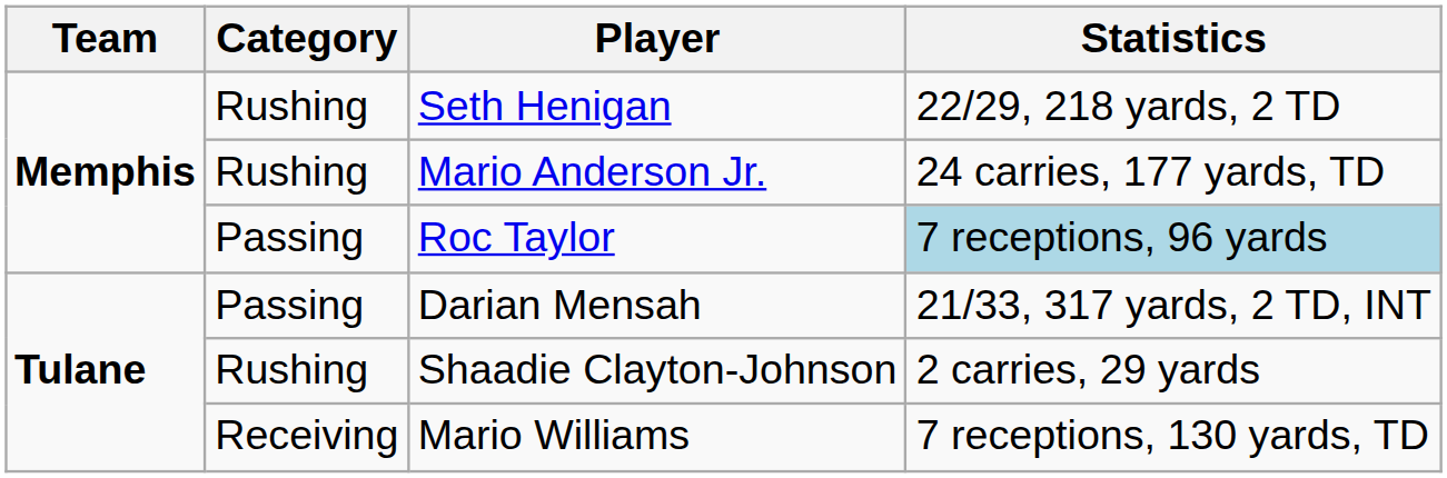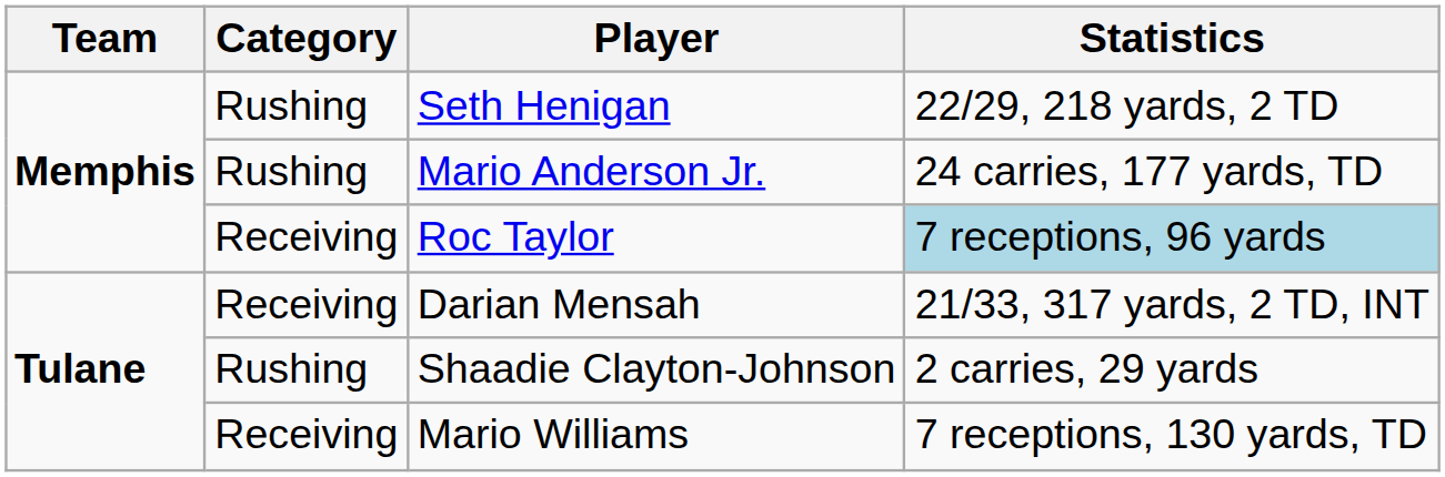 <table class="wikitable" style="float: right;">
 <tr>
 <th>Team</th>
 <th>Category</th>
 <th>Player</th>
 <th>Statistics</th>
 </tr>
 <tr>
 <td rowspan=3><strong>Memphis</strong></td>
 <td>Rushing</td>
 <td><a href='#'>Seth Henigan</a></td>
 <td>22/29, 218 yards, 2 TD</td>
 </tr>
 <tr>
 <td>Rushing</td>
 <td><a href='#'>Mario Anderson Jr.</a></td>
 <td>24 carries, 177 yards, TD</td>
 </tr>
 <tr>
-<td>Passing</td>
+<td>Receiving</td>
 <td><a href='#'>Roc Taylor</a></td>
 <td style="background: lightblue;">7 receptions, 96 yards</td>
 </tr>
 <tr>
 <td rowspan=3><strong>Tulane</strong></td>
-<td>Passing</td>
+<td>Receiving</td>
 <td>Darian Mensah</td>
 <td>21/33, 317 yards, 2 TD, INT</td>
 </tr>
 <tr>
 <td>Rushing</td>
 <td>Shaadie Clayton-Johnson</td>
 <td>2 carries, 29 yards</td>
 </tr>
 <tr>
 <td>Receiving</td>
 <td>Mario Williams</td>
 <td>7 receptions, 130 yards, TD</td>
 </tr>
 </table>
